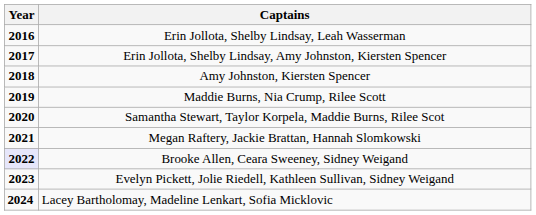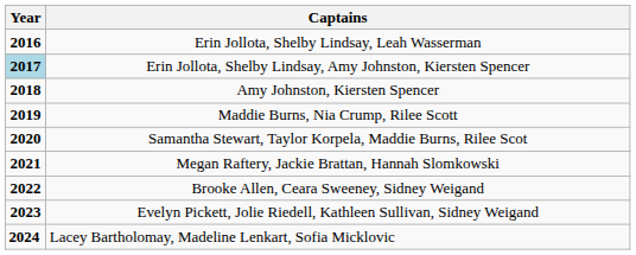 <table class="wikitable">
 <tr>
 <th style="width:35px; ">Year</th>
 <th style="width:600px; ">Captains</th>
 </tr>
 <tr style="text-align:center;">
 <td><strong>2016</strong></td>
 <td>Erin Jollota, Shelby Lindsay, Leah Wasserman</td>
 </tr>
 <tr style="text-align:center;">
-<td><strong>2017</strong></td>
+<td style="background: lightblue;"><strong>2017</strong></td>
 <td>Erin Jollota, Shelby Lindsay, Amy Johnston, Kiersten Spencer</td>
 </tr>
 <tr style="text-align:center;">
 <td><strong>2018</strong></td>
 <td>Amy Johnston, Kiersten Spencer</td>
 </tr>
 <tr style="text-align:center;">
 <td><strong>2019</strong></td>
 <td>Maddie Burns, Nia Crump, Rilee Scott</td>
 </tr>
 <tr style="text-align:center;">
 <td><strong>2020</strong></td>
 <td>Samantha Stewart, Taylor Korpela, Maddie Burns, Rilee Scot</td>
 </tr>
 <tr style="text-align:center;">
 <td><strong>2021</strong></td>
 <td>Megan Raftery, Jackie Brattan, Hannah Slomkowski</td>
 </tr>
 <tr style="text-align:center;">
-<td style="background: lavender;"><strong>2022</strong></td>
+<td><strong>2022</strong></td>
 <td>Brooke Allen, Ceara Sweeney, Sidney Weigand</td>
 </tr>
 <tr style="text-align:center;">
 <td><strong>2023</strong></td>
 <td>Evelyn Pickett, Jolie Riedell, Kathleen Sullivan, Sidney Weigand</td>
 </tr>
 <tr>
 <td><strong>2024</strong></td>
 <td>Lacey Bartholomay, Madeline Lenkart, Sofia Micklovic</td>
 </tr>
 </table>
